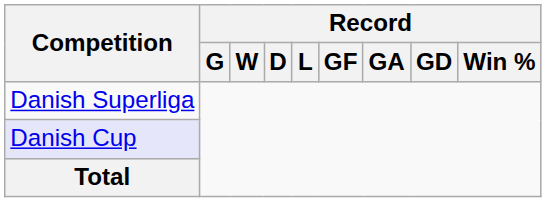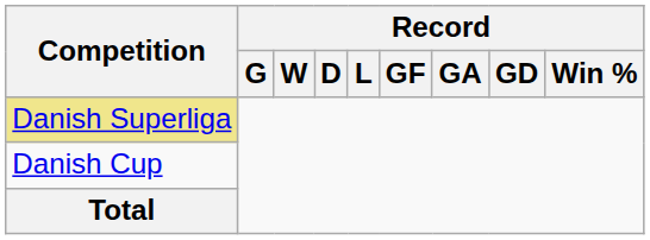 <table class="wikitable" style="text-align: center">
 <tr>
 <th rowspan="2">Competition</th>
 <th colspan="9">Record</th>
 </tr>
 <tr>
 <th>G</th>
 <th>W</th>
 <th>D</th>
 <th>L</th>
 <th>GF</th>
 <th>GA</th>
 <th>GD</th>
 <th>Win %</th>
 </tr>
 <tr>
-<td style="text-align: left"><a href='#'>Danish Superliga</a><br></td>
+<td style="background: khaki; text-align: left"><a href='#'>Danish Superliga</a><br></td>
 </tr>
 <tr>
-<td style="background: lavender; text-align: left"><a href='#'>Danish Cup</a><br></td>
+<td style="text-align: left"><a href='#'>Danish Cup</a><br></td>
 </tr>
 <tr>
 <th>Total<br></th>
 </tr>
 </table>
